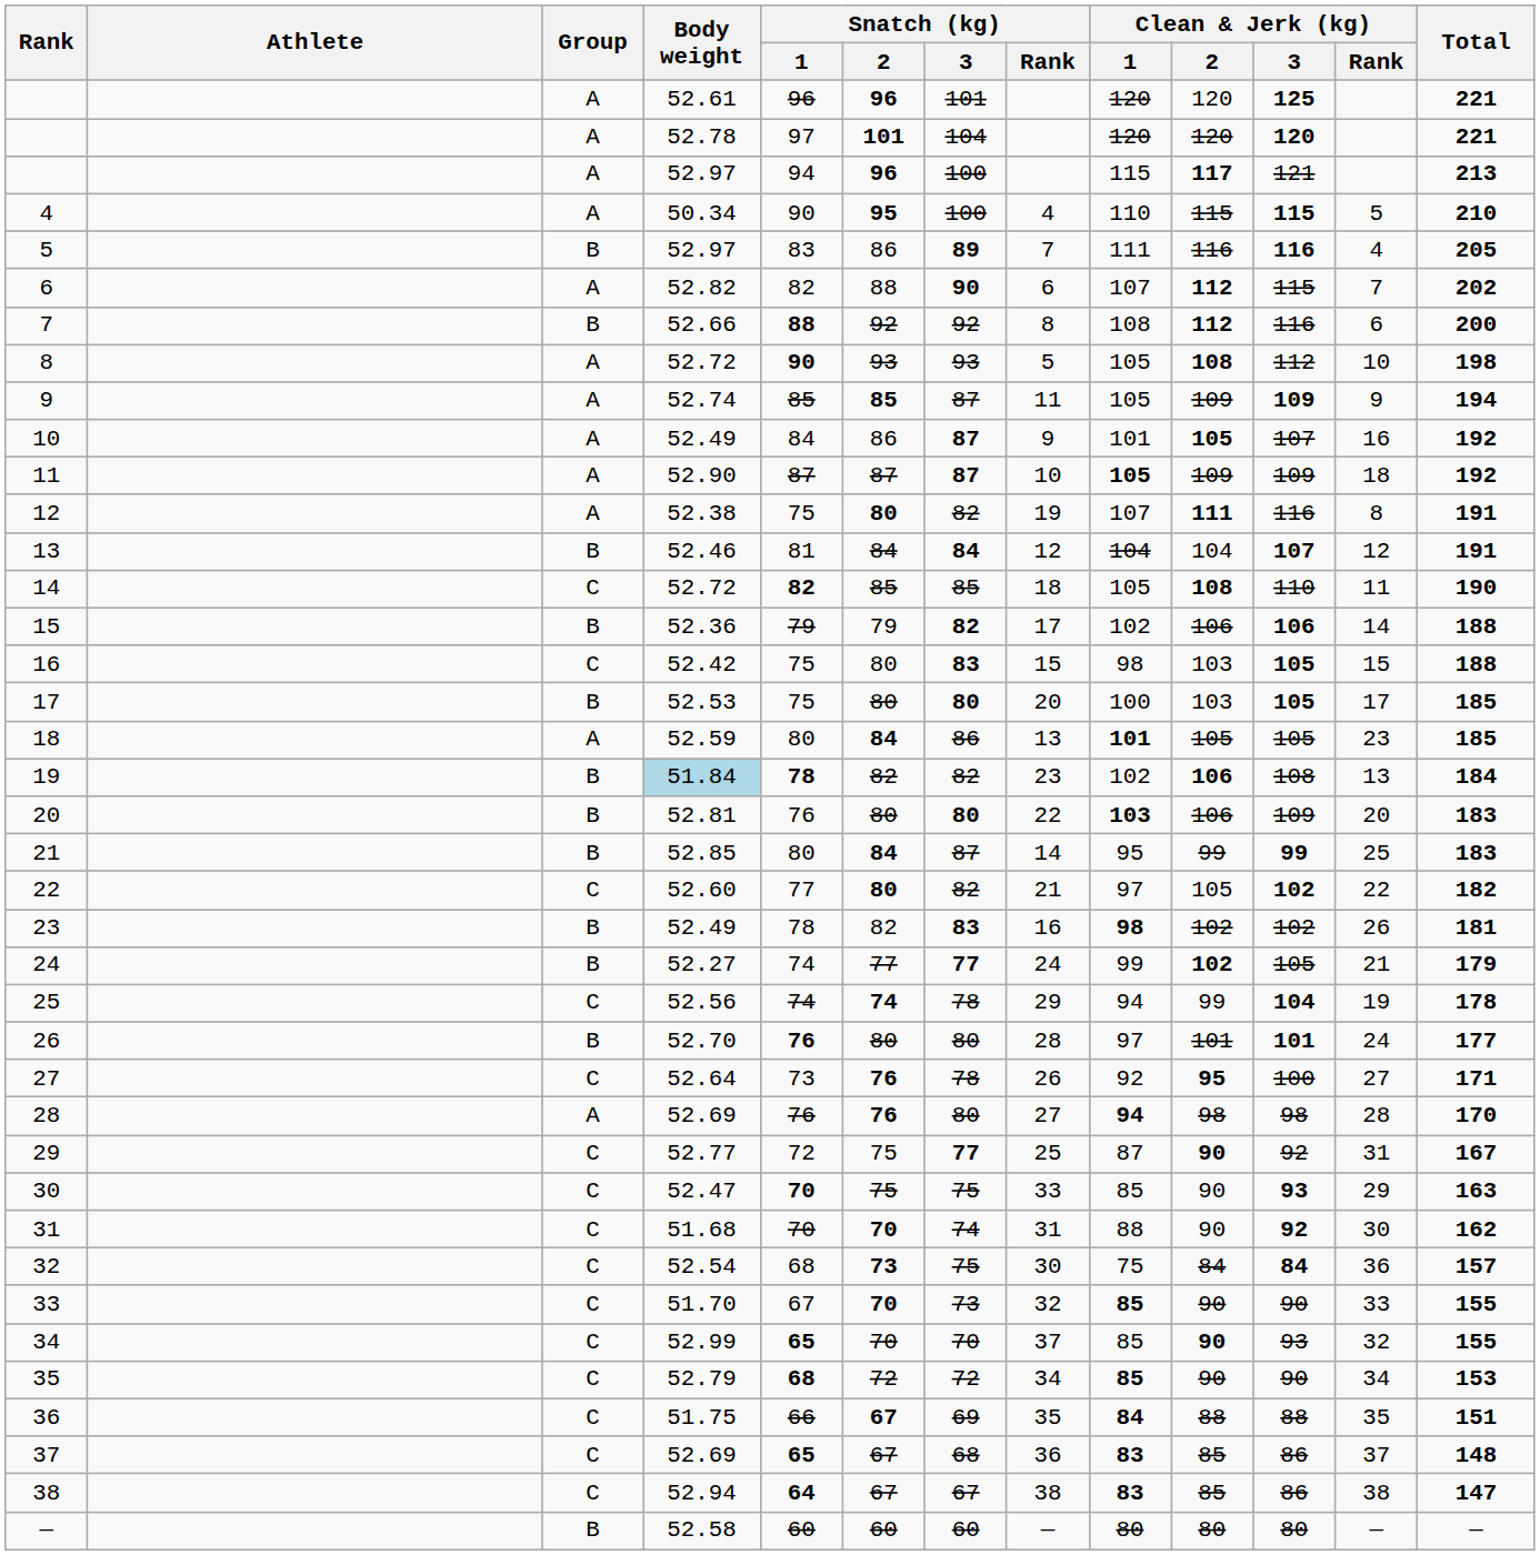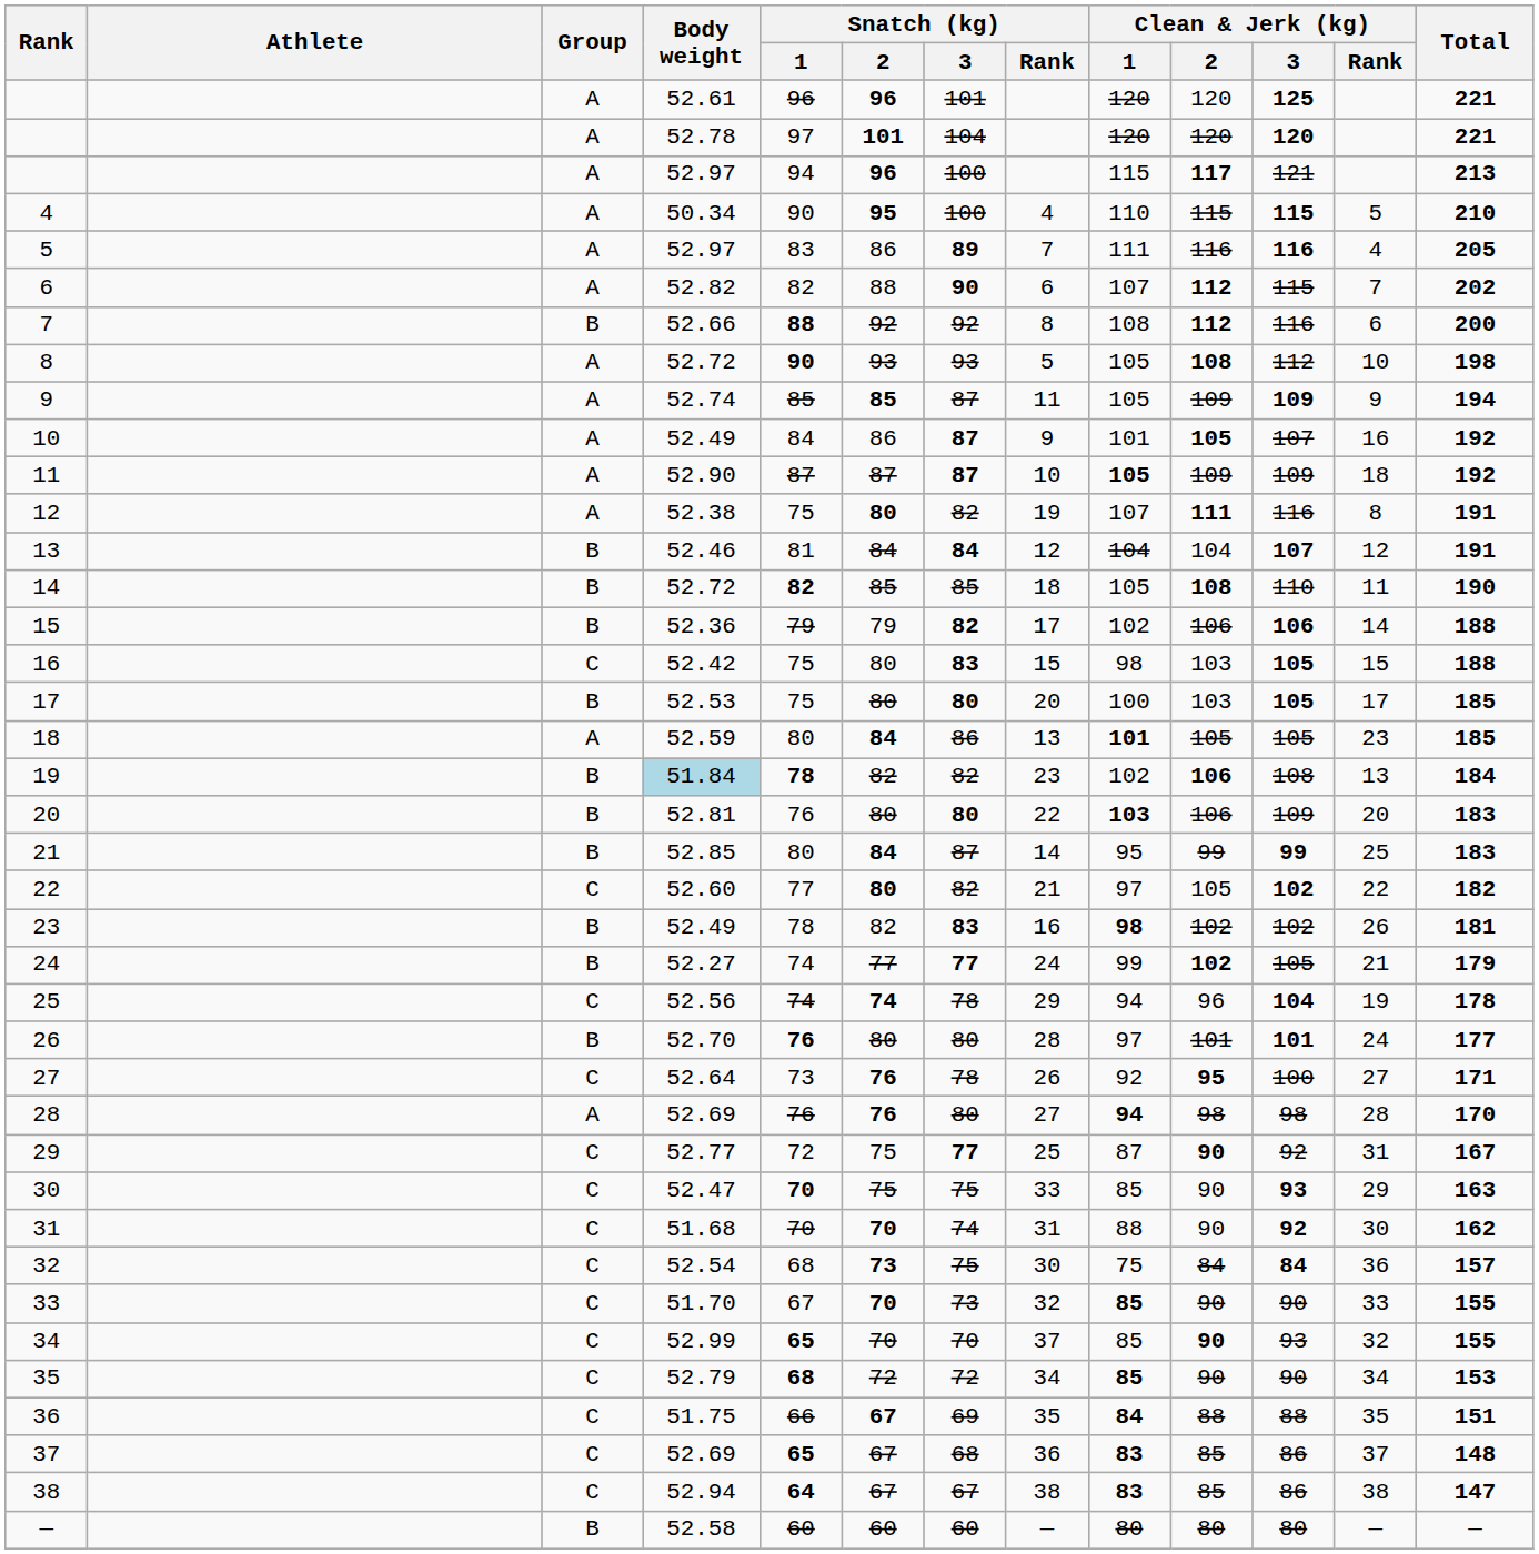 <table class = "wikitable" style="text-align:center;">
 <tr>
 <th rowspan=2 width=40>Rank</th>
 <th rowspan=2 width=250>Athlete</th>
 <th rowspan=2 width=50>Group</th>
 <th rowspan=2 width=60>Body weight</th>
 <th colspan=4>Snatch (kg)</th>
 <th colspan=4>Clean & Jerk (kg)</th>
 <th rowspan=2 width=60>Total</th>
 </tr>
 <tr>
 <th width=40>1</th>
 <th width=40>2</th>
 <th width=40>3</th>
 <th width=40>Rank</th>
 <th width=40>1</th>
 <th width=40>2</th>
 <th width=40>3</th>
 <th width=40>Rank</th>
 </tr>
 <tr>
 <td></td>
 <td align=left></td>
 <td>A</td>
 <td>52.61</td>
 <td><s>96 </s></td>
 <td><strong>96</strong></td>
 <td><s>101 </s></td>
 <td></td>
 <td><s>120 </s></td>
 <td>120</td>
 <td><strong>125</strong></td>
 <td></td>
 <td><strong>221</strong></td>
 </tr>
 <tr>
 <td></td>
 <td align=left></td>
 <td>A</td>
 <td>52.78</td>
 <td>97</td>
 <td><strong>101</strong></td>
 <td><s>104 </s></td>
 <td></td>
 <td><s>120 </s></td>
 <td><s>120 </s></td>
 <td><strong>120</strong></td>
 <td></td>
 <td><strong>221</strong></td>
 </tr>
 <tr>
 <td></td>
 <td align=left></td>
 <td>A</td>
 <td>52.97</td>
 <td>94</td>
 <td><strong>96</strong></td>
 <td><s>100 </s></td>
 <td></td>
 <td>115</td>
 <td><strong>117</strong></td>
 <td><s>121 </s></td>
 <td></td>
 <td><strong>213</strong></td>
 </tr>
 <tr>
 <td>4</td>
 <td align=left></td>
 <td>A</td>
 <td>50.34</td>
 <td>90</td>
 <td><strong>95</strong></td>
 <td><s>100 </s></td>
 <td>4</td>
 <td>110</td>
 <td><s>115 </s></td>
 <td><strong>115</strong></td>
 <td>5</td>
 <td><strong>210</strong></td>
 </tr>
 <tr>
 <td>5</td>
 <td align=left></td>
-<td>B</td>
+<td>A</td>
 <td>52.97</td>
 <td>83</td>
 <td>86</td>
 <td><strong>89</strong></td>
 <td>7</td>
 <td>111</td>
 <td><s>116 </s></td>
 <td><strong>116</strong></td>
 <td>4</td>
 <td><strong>205</strong></td>
 </tr>
 <tr>
 <td>6</td>
 <td align=left></td>
 <td>A</td>
 <td>52.82</td>
 <td>82</td>
 <td>88</td>
 <td><strong>90</strong></td>
 <td>6</td>
 <td>107</td>
 <td><strong>112</strong></td>
 <td><s>115 </s></td>
 <td>7</td>
 <td><strong>202</strong></td>
 </tr>
 <tr>
 <td>7</td>
 <td align=left></td>
 <td>B</td>
 <td>52.66</td>
 <td><strong>88</strong></td>
 <td><s>92 </s></td>
 <td><s>92 </s></td>
 <td>8</td>
 <td>108</td>
 <td><strong>112</strong></td>
 <td><s>116 </s></td>
 <td>6</td>
 <td><strong>200</strong></td>
 </tr>
 <tr>
 <td>8</td>
 <td align=left></td>
 <td>A</td>
 <td>52.72</td>
 <td><strong>90</strong></td>
 <td><s>93 </s></td>
 <td><s>93 </s></td>
 <td>5</td>
 <td>105</td>
 <td><strong>108</strong></td>
 <td><s>112 </s></td>
 <td>10</td>
 <td><strong>198</strong></td>
 </tr>
 <tr>
 <td>9</td>
 <td align=left></td>
 <td>A</td>
 <td>52.74</td>
 <td><s>85 </s></td>
 <td><strong>85</strong></td>
 <td><s>87 </s></td>
 <td>11</td>
 <td>105</td>
 <td><s>109 </s></td>
 <td><strong>109</strong></td>
 <td>9</td>
 <td><strong>194</strong></td>
 </tr>
 <tr>
 <td>10</td>
 <td align=left></td>
 <td>A</td>
 <td>52.49</td>
 <td>84</td>
 <td>86</td>
 <td><strong>87</strong></td>
 <td>9</td>
 <td>101</td>
 <td><strong>105</strong></td>
 <td><s>107 </s></td>
 <td>16</td>
 <td><strong>192</strong></td>
 </tr>
 <tr>
 <td>11</td>
 <td align=left></td>
 <td>A</td>
 <td>52.90</td>
 <td><s>87 </s></td>
 <td><s>87 </s></td>
 <td><strong>87</strong></td>
 <td>10</td>
 <td><strong>105</strong></td>
 <td><s>109 </s></td>
 <td><s>109 </s></td>
 <td>18</td>
 <td><strong>192</strong></td>
 </tr>
 <tr>
 <td>12</td>
 <td align=left></td>
 <td>A</td>
 <td>52.38</td>
 <td>75</td>
 <td><strong>80</strong></td>
 <td><s>82 </s></td>
 <td>19</td>
 <td>107</td>
 <td><strong>111</strong></td>
 <td><s>116 </s></td>
 <td>8</td>
 <td><strong>191</strong></td>
 </tr>
 <tr>
 <td>13</td>
 <td align=left></td>
 <td>B</td>
 <td>52.46</td>
 <td>81</td>
 <td><s>84 </s></td>
 <td><strong>84</strong></td>
 <td>12</td>
 <td><s>104 </s></td>
 <td>104</td>
 <td><strong>107</strong></td>
 <td>12</td>
 <td><strong>191</strong></td>
 </tr>
 <tr>
 <td>14</td>
 <td align=left></td>
-<td>C</td>
+<td>B</td>
 <td>52.72</td>
 <td><strong>82</strong></td>
 <td><s>85 </s></td>
 <td><s>85 </s></td>
 <td>18</td>
 <td>105</td>
 <td><strong>108</strong></td>
 <td><s>110 </s></td>
 <td>11</td>
 <td><strong>190</strong></td>
 </tr>
 <tr>
 <td>15</td>
 <td align=left></td>
 <td>B</td>
 <td>52.36</td>
 <td><s>79 </s></td>
 <td>79</td>
 <td><strong>82</strong></td>
 <td>17</td>
 <td>102</td>
 <td><s>106 </s></td>
 <td><strong>106</strong></td>
 <td>14</td>
 <td><strong>188</strong></td>
 </tr>
 <tr>
 <td>16</td>
 <td align=left></td>
 <td>C</td>
 <td>52.42</td>
 <td>75</td>
 <td>80</td>
 <td><strong>83</strong></td>
 <td>15</td>
 <td>98</td>
 <td>103</td>
 <td><strong>105</strong></td>
 <td>15</td>
 <td><strong>188</strong></td>
 </tr>
 <tr>
 <td>17</td>
 <td align=left></td>
 <td>B</td>
 <td>52.53</td>
 <td>75</td>
 <td><s>80 </s></td>
 <td><strong>80</strong></td>
 <td>20</td>
 <td>100</td>
 <td>103</td>
 <td><strong>105</strong></td>
 <td>17</td>
 <td><strong>185</strong></td>
 </tr>
 <tr>
 <td>18</td>
 <td align=left></td>
 <td>A</td>
 <td>52.59</td>
 <td>80</td>
 <td><strong>84</strong></td>
 <td><s>86 </s></td>
 <td>13</td>
 <td><strong>101</strong></td>
 <td><s>105 </s></td>
 <td><s>105 </s></td>
 <td>23</td>
 <td><strong>185</strong></td>
 </tr>
 <tr>
 <td>19</td>
 <td align=left></td>
 <td>B</td>
 <td style="background: lightblue;">51.84</td>
 <td><strong>78</strong></td>
 <td><s>82 </s></td>
 <td><s>82 </s></td>
 <td>23</td>
 <td>102</td>
 <td><strong>106</strong></td>
 <td><s>108 </s></td>
 <td>13</td>
 <td><strong>184</strong></td>
 </tr>
 <tr>
 <td>20</td>
 <td align=left></td>
 <td>B</td>
 <td>52.81</td>
 <td>76</td>
 <td><s>80 </s></td>
 <td><strong>80</strong></td>
 <td>22</td>
 <td><strong>103</strong></td>
 <td><s>106 </s></td>
 <td><s>109 </s></td>
 <td>20</td>
 <td><strong>183</strong></td>
 </tr>
 <tr>
 <td>21</td>
 <td align=left></td>
 <td>B</td>
 <td>52.85</td>
 <td>80</td>
 <td><strong>84</strong></td>
 <td><s>87 </s></td>
 <td>14</td>
 <td>95</td>
 <td><s>99 </s></td>
 <td><strong>99</strong></td>
 <td>25</td>
 <td><strong>183</strong></td>
 </tr>
 <tr>
 <td>22</td>
 <td align=left></td>
 <td>C</td>
 <td>52.60</td>
 <td>77</td>
 <td><strong>80</strong></td>
 <td><s>82</s></td>
 <td>21</td>
 <td>97</td>
 <td>105</td>
 <td><strong>102</strong></td>
 <td>22</td>
 <td><strong>182</strong></td>
 </tr>
 <tr>
 <td>23</td>
 <td align=left></td>
 <td>B</td>
 <td>52.49</td>
 <td>78</td>
 <td>82</td>
 <td><strong>83</strong></td>
 <td>16</td>
 <td><strong>98</strong></td>
 <td><s>102 </s></td>
 <td><s>102 </s></td>
 <td>26</td>
 <td><strong>181</strong></td>
 </tr>
 <tr>
 <td>24</td>
 <td align=left></td>
 <td>B</td>
 <td>52.27</td>
 <td>74</td>
 <td><s>77 </s></td>
 <td><strong>77</strong></td>
 <td>24</td>
 <td>99</td>
 <td><strong>102</strong></td>
 <td><s>105 </s></td>
 <td>21</td>
 <td><strong>179</strong></td>
 </tr>
 <tr>
 <td>25</td>
 <td align=left></td>
 <td>C</td>
 <td>52.56</td>
 <td><s>74</s></td>
 <td><strong>74</strong></td>
 <td><s>78</s></td>
 <td>29</td>
 <td>94</td>
-<td>99</td>
+<td>96</td>
 <td><strong>104</strong></td>
 <td>19</td>
 <td><strong>178</strong></td>
 </tr>
 <tr>
 <td>26</td>
 <td align=left></td>
 <td>B</td>
 <td>52.70</td>
 <td><strong>76</strong></td>
 <td><s>80 </s></td>
 <td><s>80 </s></td>
 <td>28</td>
 <td>97</td>
 <td><s>101 </s></td>
 <td><strong>101</strong></td>
 <td>24</td>
 <td><strong>177</strong></td>
 </tr>
 <tr>
 <td>27</td>
 <td align=left></td>
 <td>C</td>
 <td>52.64</td>
 <td>73</td>
 <td><strong>76</strong></td>
 <td><s>78</s></td>
 <td>26</td>
 <td>92</td>
 <td><strong>95</strong></td>
 <td><s>100</s></td>
 <td>27</td>
 <td><strong>171</strong></td>
 </tr>
 <tr>
 <td>28</td>
 <td align=left></td>
 <td>A</td>
 <td>52.69</td>
 <td><s>76 </s></td>
 <td><strong>76</strong></td>
 <td><s>80 </s></td>
 <td>27</td>
 <td><strong>94</strong></td>
 <td><s>98 </s></td>
 <td><s>98 </s></td>
 <td>28</td>
 <td><strong>170</strong></td>
 </tr>
 <tr>
 <td>29</td>
 <td align=left></td>
 <td>C</td>
 <td>52.77</td>
 <td>72</td>
 <td>75</td>
 <td><strong>77</strong></td>
 <td>25</td>
 <td>87</td>
 <td><strong>90</strong></td>
 <td><s>92</s></td>
 <td>31</td>
 <td><strong>167</strong></td>
 </tr>
 <tr>
 <td>30</td>
 <td align=left></td>
 <td>C</td>
 <td>52.47</td>
 <td><strong>70</strong></td>
 <td><s>75</s></td>
 <td><s>75</s></td>
 <td>33</td>
 <td>85</td>
 <td>90</td>
 <td><strong>93</strong></td>
 <td>29</td>
 <td><strong>163</strong></td>
 </tr>
 <tr>
 <td>31</td>
 <td align=left></td>
 <td>C</td>
 <td>51.68</td>
 <td><s>70</s></td>
 <td><strong>70</strong></td>
 <td><s>74</s></td>
 <td>31</td>
 <td>88</td>
 <td>90</td>
 <td><strong>92</strong></td>
 <td>30</td>
 <td><strong>162</strong></td>
 </tr>
 <tr>
 <td>32</td>
 <td align=left></td>
 <td>C</td>
 <td>52.54</td>
 <td>68</td>
 <td><strong>73</strong></td>
 <td><s>75</s></td>
 <td>30</td>
 <td>75</td>
 <td><s>84</s></td>
 <td><strong>84</strong></td>
 <td>36</td>
 <td><strong>157</strong></td>
 </tr>
 <tr>
 <td>33</td>
 <td align=left></td>
 <td>C</td>
 <td>51.70</td>
 <td>67</td>
 <td><strong>70</strong></td>
 <td><s>73</s></td>
 <td>32</td>
 <td><strong>85</strong></td>
 <td><s>90</s></td>
 <td><s>90</s></td>
 <td>33</td>
 <td><strong>155</strong></td>
 </tr>
 <tr>
 <td>34</td>
 <td align=left></td>
 <td>C</td>
 <td>52.99</td>
 <td><strong>65</strong></td>
 <td><s>70</s></td>
 <td><s>70</s></td>
 <td>37</td>
 <td>85</td>
 <td><strong>90</strong></td>
 <td><s>93</s></td>
 <td>32</td>
 <td><strong>155</strong></td>
 </tr>
 <tr>
 <td>35</td>
 <td align=left></td>
 <td>C</td>
 <td>52.79</td>
 <td><strong>68</strong></td>
 <td><s>72</s></td>
 <td><s>72</s></td>
 <td>34</td>
 <td><strong>85</strong></td>
 <td><s>90</s></td>
 <td><s>90</s></td>
 <td>34</td>
 <td><strong>153</strong></td>
 </tr>
 <tr>
 <td>36</td>
 <td align=left></td>
 <td>C</td>
 <td>51.75</td>
 <td><s>66</s></td>
 <td><strong>67</strong></td>
 <td><s>69</s></td>
 <td>35</td>
 <td><strong>84</strong></td>
 <td><s>88</s></td>
 <td><s>88</s></td>
 <td>35</td>
 <td><strong>151</strong></td>
 </tr>
 <tr>
 <td>37</td>
 <td align=left></td>
 <td>C</td>
 <td>52.69</td>
 <td><strong>65</strong></td>
 <td><s>67</s></td>
 <td><s>68</s></td>
 <td>36</td>
 <td><strong>83</strong></td>
 <td><s>85</s></td>
 <td><s>86</s></td>
 <td>37</td>
 <td><strong>148</strong></td>
 </tr>
 <tr>
 <td>38</td>
 <td align=left></td>
 <td>C</td>
 <td>52.94</td>
 <td><strong>64</strong></td>
 <td><s>67</s></td>
 <td><s>67</s></td>
 <td>38</td>
 <td><strong>83</strong></td>
 <td><s>85</s></td>
 <td><s>86</s></td>
 <td>38</td>
 <td><strong>147</strong></td>
 </tr>
 <tr>
 <td>—</td>
 <td align=left></td>
 <td>B</td>
 <td>52.58</td>
 <td><s>60</s></td>
 <td><s>60</s></td>
 <td><s>60</s></td>
 <td>—</td>
 <td><s>80</s></td>
 <td><s>80</s></td>
 <td><s>80</s></td>
 <td>—</td>
 <td>—</td>
 </tr>
 </table>
